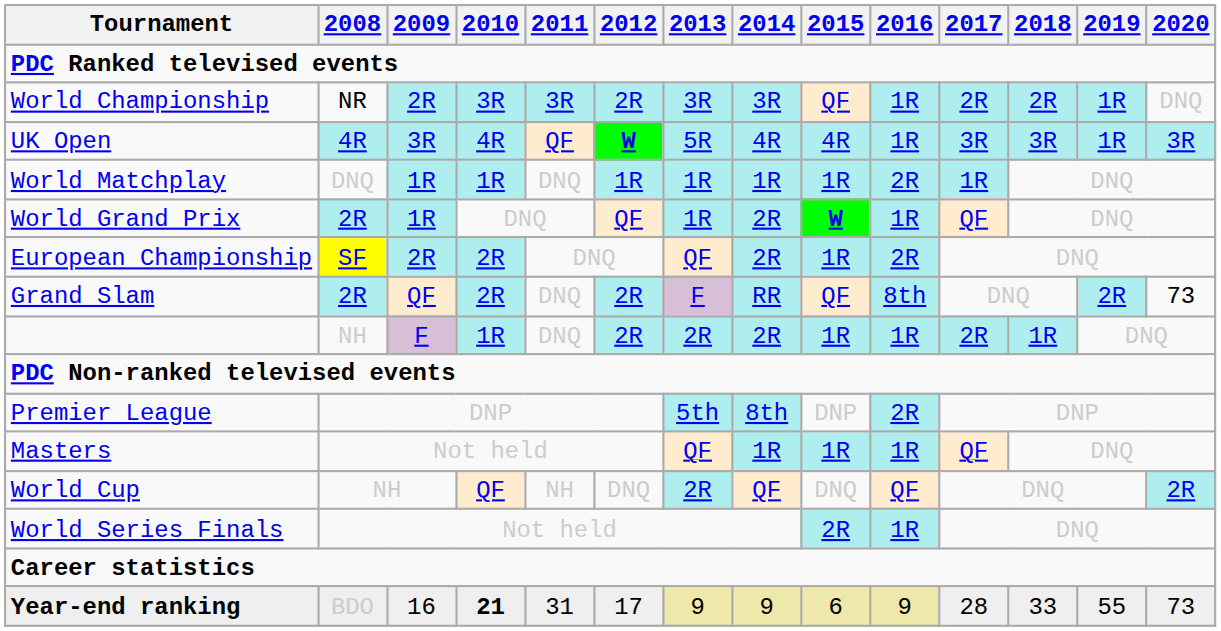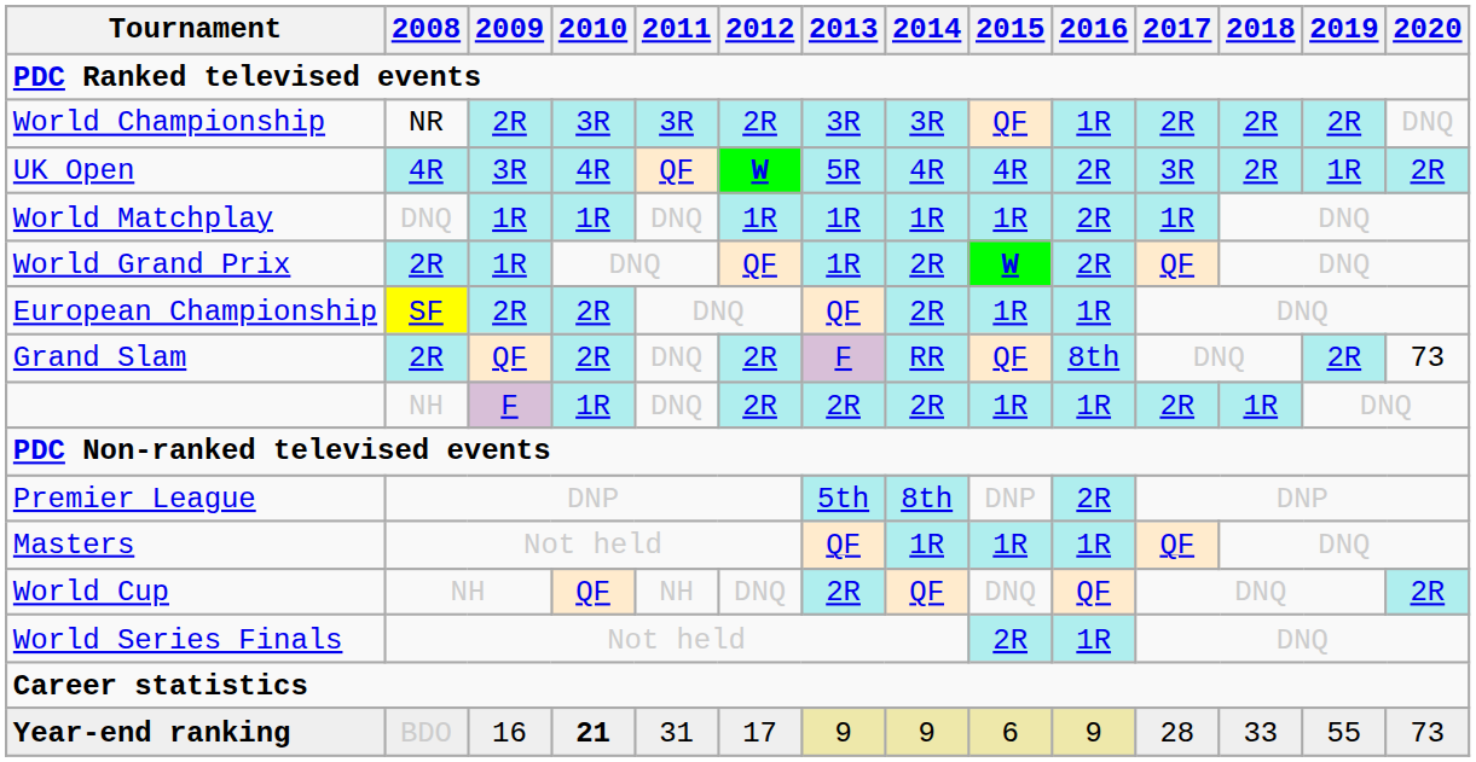 <table class=wikitable style=text-align:center;font-size:88%>
 <tr>
 <th>Tournament</th>
 <th><a href='#'>2008</a></th>
 <th><a href='#'>2009</a></th>
 <th><a href='#'>2010</a></th>
 <th><a href='#'>2011</a></th>
 <th><a href='#'>2012</a></th>
 <th><a href='#'>2013</a></th>
 <th><a href='#'>2014</a></th>
 <th><a href='#'>2015</a></th>
 <th><a href='#'>2016</a></th>
 <th><a href='#'>2017</a></th>
 <th><a href='#'>2018</a></th>
 <th><a href='#'>2019</a></th>
 <th><a href='#'>2020</a></th>
 </tr>
 <tr>
 <td colspan="20" align="left"><strong><a href='#'>PDC</a> Ranked televised events</strong></td>
 </tr>
 <tr>
 <td align=left><a href='#'>  World Championship</a></td>
 <td style="text-align:center;">NR</td>
 <td style="text-align:center; background:#afeeee;"><a href='#'>2R</a></td>
 <td style="text-align:center; background:#afeeee;"><a href='#'>3R</a></td>
 <td style="text-align:center; background:#afeeee;"><a href='#'>3R</a></td>
 <td style="text-align:center; background:#afeeee;"><a href='#'>2R</a></td>
 <td style="text-align:center; background:#afeeee;"><a href='#'>3R</a></td>
 <td style="text-align:center; background:#afeeee;"><a href='#'>3R</a></td>
 <td style="text-align:center; background:#ffebcd;"><a href='#'>QF</a></td>
 <td style="text-align:center; background:#afeeee;"><a href='#'>1R</a></td>
 <td style="text-align:center; background:#afeeee;"><a href='#'>2R</a></td>
 <td style="text-align:center; background:#afeeee;"><a href='#'>2R</a></td>
-<td style="text-align:center; background:#afeeee;"><a href='#'>1R</a></td>
+<td style="text-align:center; background:#afeeee;"><a href='#'>2R</a></td>
 <td style="text-align:center; color:#ccc;">DNQ</td>
 </tr>
 <tr>
 <td align=left><a href='#'>UK Open</a></td>
 <td style="text-align:center; background:#afeeee;"><a href='#'>4R</a></td>
 <td style="text-align:center; background:#afeeee;"><a href='#'>3R</a></td>
 <td style="text-align:center; background:#afeeee;"><a href='#'>4R</a></td>
 <td style="text-align:center; background:#ffebcd;"><a href='#'>QF</a></td>
 <td style="text-align:center; background:lime;"><strong><a href='#'>W</a></strong></td>
 <td style="text-align:center; background:#afeeee;"><a href='#'>5R</a></td>
 <td style="text-align:center; background:#afeeee;"><a href='#'>4R</a></td>
 <td style="text-align:center; background:#afeeee;"><a href='#'>4R</a></td>
+<td style="text-align:center; background:#afeeee;"><a href='#'>2R</a></td>
+<td style="text-align:center; background:#afeeee;"><a href='#'>3R</a></td>
+<td style="text-align:center; background:#afeeee;"><a href='#'>2R</a></td>
 <td style="text-align:center; background:#afeeee;"><a href='#'>1R</a></td>
-<td style="text-align:center; background:#afeeee;"><a href='#'>3R</a></td>
-<td style="text-align:center; background:#afeeee;"><a href='#'>3R</a></td>
-<td style="text-align:center; background:#afeeee;"><a href='#'>1R</a></td>
-<td style="text-align:center; background:#afeeee;"><a href='#'>3R</a></td>
+<td style="text-align:center; background:#afeeee;"><a href='#'>2R</a></td>
 </tr>
 <tr>
 <td align=left><a href='#'>World Matchplay</a></td>
 <td style="text-align:center; color:#ccc;">DNQ</td>
 <td style="text-align:center; background:#afeeee;"><a href='#'>1R</a></td>
 <td style="text-align:center; background:#afeeee;"><a href='#'>1R</a></td>
 <td style="text-align:center; color:#ccc;">DNQ</td>
 <td style="text-align:center; background:#afeeee;"><a href='#'>1R</a></td>
 <td style="text-align:center; background:#afeeee;"><a href='#'>1R</a></td>
 <td style="text-align:center; background:#afeeee;"><a href='#'>1R</a></td>
 <td style="text-align:center; background:#afeeee;"><a href='#'>1R</a></td>
 <td style="text-align:center; background:#afeeee;"><a href='#'>2R</a></td>
 <td style="text-align:center; background:#afeeee;"><a href='#'>1R</a></td>
 <td colspan="3" style="text-align:center; color:#ccc;">DNQ</td>
 </tr>
 <tr>
 <td align=left><a href='#'>World Grand Prix</a></td>
 <td style="text-align:center; background:#afeeee;"><a href='#'>2R</a></td>
 <td style="text-align:center; background:#afeeee;"><a href='#'>1R</a></td>
 <td colspan="2" style="text-align:center; color:#ccc;">DNQ</td>
 <td style="text-align:center; background:#ffebcd;"><a href='#'>QF</a></td>
 <td style="text-align:center; background:#afeeee;"><a href='#'>1R</a></td>
 <td style="text-align:center; background:#afeeee;"><a href='#'>2R</a></td>
 <td style="text-align:center; background:lime;"><strong><a href='#'>W</a></strong></td>
-<td style="text-align:center; background:#afeeee;"><a href='#'>1R</a></td>
+<td style="text-align:center; background:#afeeee;"><a href='#'>2R</a></td>
 <td style="text-align:center; background:#ffebcd;"><a href='#'>QF</a></td>
 <td colspan="3" style="text-align:center; color:#ccc;">DNQ</td>
 </tr>
 <tr>
 <td align=left><a href='#'>European Championship</a></td>
 <td style="text-align:center; background:yellow;"><a href='#'>SF</a></td>
 <td style="text-align:center; background:#afeeee;"><a href='#'>2R</a></td>
 <td style="text-align:center; background:#afeeee;"><a href='#'>2R</a></td>
 <td colspan="2" style="text-align:center; color:#ccc;">DNQ</td>
 <td style="text-align:center; background:#ffebcd;"><a href='#'>QF</a></td>
 <td style="text-align:center; background:#afeeee;"><a href='#'>2R</a></td>
 <td style="text-align:center; background:#afeeee;"><a href='#'>1R</a></td>
-<td style="text-align:center; background:#afeeee;"><a href='#'>2R</a></td>
+<td style="text-align:center; background:#afeeee;"><a href='#'>1R</a></td>
 <td colspan="4" style="text-align:center; color:#ccc;">DNQ</td>
 </tr>
 <tr>
 <td align=left><a href='#'>Grand Slam</a></td>
 <td style="text-align:center; background:#afeeee;"><a href='#'>2R</a></td>
 <td style="text-align:center; background:#ffebcd;"><a href='#'>QF</a></td>
 <td style="text-align:center; background:#afeeee;"><a href='#'>2R</a></td>
 <td style="text-align:center; color:#ccc;">DNQ</td>
 <td style="text-align:center; background:#afeeee;"><a href='#'>2R</a></td>
 <td style="text-align:center; background:thistle;"><a href='#'>F</a></td>
 <td style="text-align:center; background:#afeeee;"><a href='#'>RR</a></td>
 <td style="text-align:center; background:#ffebcd;"><a href='#'>QF</a></td>
 <td style="text-align:center; background:#afeeee;"><a href='#'>8th</a></td>
 <td colspan="2" style="text-align:center; color:#ccc;">DNQ</td>
 <td style="text-align:center; background:#afeeee;"><a href='#'>2R</a></td>
 <td style="text-align:center;">73</td>
 </tr>
 <tr>
 <td align=left></td>
 <td style="text-align:center; color:#ccc;">NH</td>
 <td style="text-align:center; background:thistle;"><a href='#'>F</a></td>
 <td style="text-align:center; background:#afeeee;"><a href='#'>1R</a></td>
 <td style="text-align:center; color:#ccc;">DNQ</td>
 <td style="text-align:center; background:#afeeee;"><a href='#'>2R</a></td>
 <td style="text-align:center; background:#afeeee;"><a href='#'>2R</a></td>
 <td style="text-align:center; background:#afeeee;"><a href='#'>2R</a></td>
 <td style="text-align:center; background:#afeeee;"><a href='#'>1R</a></td>
 <td style="text-align:center; background:#afeeee;"><a href='#'>1R</a></td>
 <td style="text-align:center; background:#afeeee;"><a href='#'>2R</a></td>
 <td style="text-align:center; background:#afeeee;"><a href='#'>1R</a></td>
 <td colspan="2" style="text-align:center; color:#ccc;">DNQ</td>
 </tr>
 <tr>
 <td colspan="20" align="left"><strong><a href='#'>PDC</a> Non-ranked televised events</strong></td>
 </tr>
 <tr>
 <td align=left><a href='#'>Premier League</a></td>
 <td colspan="5" style="text-align:center; color:#ccc;">DNP</td>
 <td style="text-align:center; background:#afeeee;"><a href='#'>5th</a></td>
 <td style="text-align:center; background:#afeeee;"><a href='#'>8th</a></td>
 <td style="text-align:center; color:#ccc;">DNP</td>
 <td style="text-align:center; background:#afeeee;"><a href='#'>2R</a></td>
 <td colspan="4" style="text-align:center; color:#ccc;">DNP</td>
 </tr>
 <tr>
 <td align=left><a href='#'>Masters</a></td>
 <td colspan="5" style="text-align:center; color:#ccc;">Not held</td>
 <td style="text-align:center; background:#ffebcd;"><a href='#'>QF</a></td>
 <td style="text-align:center; background:#afeeee;"><a href='#'>1R</a></td>
 <td style="text-align:center; background:#afeeee;"><a href='#'>1R</a></td>
 <td style="text-align:center; background:#afeeee;"><a href='#'>1R</a></td>
 <td style="text-align:center; background:#ffebcd;"><a href='#'>QF</a></td>
 <td colspan="3" style="text-align:center; color:#ccc;">DNQ</td>
 </tr>
 <tr>
 <td align=left><a href='#'>World Cup</a></td>
 <td colspan="2" style="text-align:center; color:#ccc;">NH</td>
 <td style="text-align:center; background:#ffebcd;"><a href='#'>QF</a></td>
 <td style="text-align:center; color:#ccc;">NH</td>
 <td style="text-align:center; color:#ccc;">DNQ</td>
 <td style="text-align:center; background:#afeeee;"><a href='#'>2R</a></td>
 <td style="text-align:center; background:#ffebcd;"><a href='#'>QF</a></td>
 <td style="text-align:center; color:#ccc;">DNQ</td>
 <td style="text-align:center; background:#ffebcd;"><a href='#'>QF</a></td>
 <td colspan="3" style="text-align:center; color:#ccc;">DNQ</td>
 <td style="text-align:center; background:#afeeee;"><a href='#'>2R</a></td>
 </tr>
 <tr>
 <td align=left><a href='#'>World Series Finals</a></td>
 <td colspan="7" style="text-align:center; color:#ccc;">Not held</td>
 <td style="text-align:center; background:#afeeee;"><a href='#'>2R</a></td>
 <td style="text-align:center; background:#afeeee;"><a href='#'>1R</a></td>
 <td colspan="4" style="text-align:center; color:#ccc;">DNQ</td>
 </tr>
 <tr>
 <td colspan="20" align="left"><strong>Career statistics</strong></td>
 </tr>
 <tr bgcolor="efefef">
 <td align="left"><strong>Year-end ranking</strong></td>
 <td style="text-align:center; color:#ccc;">BDO</td>
 <td style="text-align:center;">16</td>
 <td style="text-align:center;"><strong>21</strong></td>
 <td style="text-align:center;">31</td>
 <td style="text-align:center;">17</td>
 <td style="text-align:center; background:#eee8aa;">9</td>
 <td style="text-align:center; background:#eee8aa;">9</td>
 <td style="text-align:center; background:#eee8aa;">6</td>
 <td style="text-align:center; background:#eee8aa;">9</td>
 <td style="text-align:center;">28</td>
 <td style="text-align:center;">33</td>
 <td style="text-align:center;">55</td>
 <td style="text-align:center;">73</td>
 </tr>
 </table>
